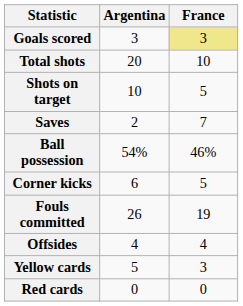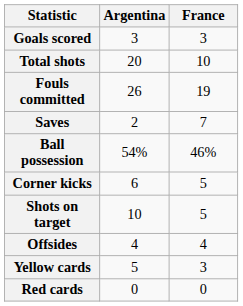 <table class="wikitable plainrowheaders" style="text-align:center; display:inline-table;">
 <tr>
 <th scope="col" style="width:100px">Statistic</th>
 <th scope="col" style="width:70px">Argentina</th>
 <th scope="col" style="width:70px">France</th>
 </tr>
 <tr>
 <th scope=row>Goals scored</th>
 <td>3</td>
-<td style="background: khaki;">3</td>
+<td>3</td>
 </tr>
 <tr>
 <th scope=row>Total shots</th>
 <td>20</td>
 <td>10</td>
 </tr>
 <tr>
-<th scope=row>Shots on target</th>
-<td>10</td>
-<td>5</td>
+<th scope=row>Fouls committed</th>
+<td>26</td>
+<td>19</td>
 </tr>
 <tr>
 <th scope=row>Saves</th>
 <td>2</td>
 <td>7</td>
 </tr>
 <tr>
 <th scope=row>Ball possession</th>
 <td>54%</td>
 <td>46%</td>
 </tr>
 <tr>
 <th scope=row>Corner kicks</th>
 <td>6</td>
 <td>5</td>
 </tr>
 <tr>
-<th scope=row>Fouls committed</th>
-<td>26</td>
-<td>19</td>
+<th scope=row>Shots on target</th>
+<td>10</td>
+<td>5</td>
 </tr>
 <tr>
 <th scope=row>Offsides</th>
 <td>4</td>
 <td>4</td>
 </tr>
 <tr>
 <th scope=row>Yellow cards</th>
 <td>5</td>
 <td>3</td>
 </tr>
 <tr>
 <th scope=row>Red cards</th>
 <td>0</td>
 <td>0</td>
 </tr>
 </table>
